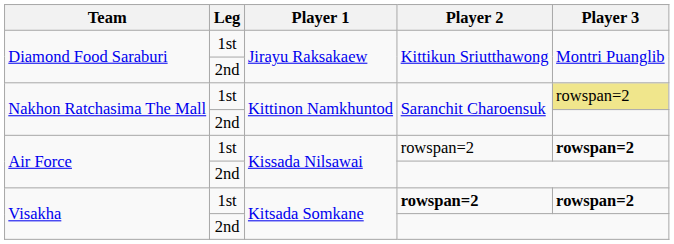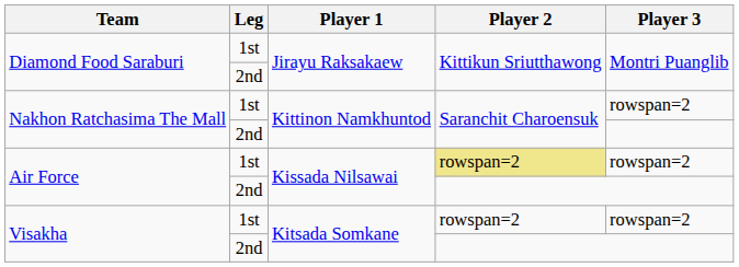 <table class="wikitable sortable">
 <tr>
 <th>Team</th>
 <th>Leg</th>
 <th>Player 1</th>
 <th>Player 2</th>
 <th>Player 3</th>
 </tr>
 <tr>
 <td rowspan=2><a href='#'>Diamond Food Saraburi</a></td>
 <td align="center">1st</td>
 <td rowspan=2><a href='#'>Jirayu Raksakaew</a></td>
 <td rowspan=2><a href='#'>Kittikun Sriutthawong</a></td>
 <td rowspan=2><a href='#'>Montri Puanglib</a></td>
 </tr>
 <tr>
 <td align="center">2nd</td>
 </tr>
 <tr>
 <td rowspan=2><a href='#'>Nakhon Ratchasima The Mall</a></td>
 <td align="center">1st</td>
 <td rowspan=2><a href='#'>Kittinon Namkhuntod</a></td>
 <td rowspan=2><a href='#'>Saranchit Charoensuk</a></td>
-<td style="background: khaki;">rowspan=2 </td>
+<td>rowspan=2 </td>
 </tr>
 <tr>
 <td align="center">2nd</td>
 </tr>
 <tr>
 <td rowspan=2><a href='#'>Air Force</a></td>
 <td align="center">1st</td>
 <td rowspan=2><a href='#'>Kissada Nilsawai</a></td>
+<td style="background: khaki;">rowspan=2 </td>
 <td>rowspan=2 </td>
-<td><strong>rowspan=2 </strong></td>
 </tr>
 <tr>
 <td align="center">2nd</td>
 </tr>
 <tr>
 <td rowspan=2><a href='#'>Visakha</a></td>
 <td align="center">1st</td>
 <td rowspan=2><a href='#'>Kitsada Somkane</a></td>
-<td><strong>rowspan=2 </strong></td>
-<td><strong>rowspan=2 </strong></td>
+<td>rowspan=2 </td>
+<td>rowspan=2 </td>
 </tr>
 <tr>
 <td align="center">2nd</td>
 </tr>
 </table>
